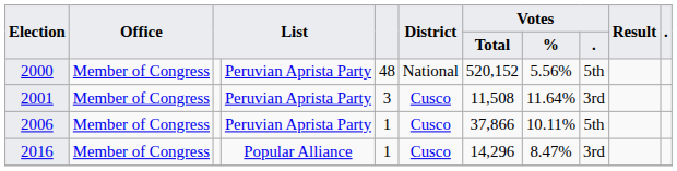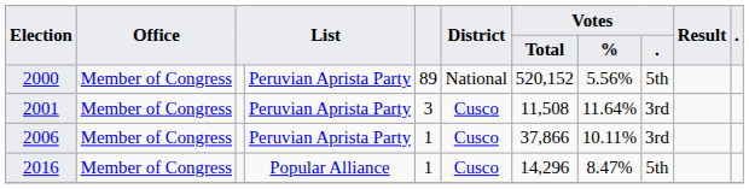 <table class="wikitable" style="font-size:90%; text-align:center;">
 <tr>
 <th style="background-color:#EAECF0;" rowspan=2>Election</th>
 <th style="background-color:#EAECF0;" rowspan=2>Office</th>
 <th style="background-color:#EAECF0;" colspan=2 rowspan=2>List</th>
 <th style="background-color:#EAECF0;" rowspan=2></th>
 <th style="background-color:#EAECF0;" rowspan=2>District</th>
 <th style="background-color:#EAECF0;" colspan=3>Votes</th>
 <th style="background-color:#EAECF0;" rowspan=2>Result</th>
 <th style="background-color:#EAECF0;" rowspan=2>.</th>
 </tr>
 <tr>
 <th style="background-color:#EAECF0;">Total</th>
 <th style="background-color:#EAECF0;">%</th>
 <th style="background-color:#EAECF0;">.</th>
 </tr>
 <tr>
 <td style="background-color:#EAECF0;"><a href='#'>2000</a></td>
 <td><a href='#'>Member of Congress</a></td>
 <td style="background-color:"></td>
 <td><a href='#'>Peruvian Aprista Party</a></td>
-<td>48</td>
+<td>89</td>
 <td>National</td>
 <td>520,152</td>
 <td>5.56%</td>
 <td>5th</td>
 <td></td>
 <td></td>
 </tr>
 <tr>
 <td style="background-color:#EAECF0;"><a href='#'>2001</a></td>
 <td><a href='#'>Member of Congress</a></td>
 <td style="background-color:"></td>
 <td><a href='#'>Peruvian Aprista Party</a></td>
 <td>3</td>
 <td><a href='#'>Cusco</a></td>
 <td>11,508</td>
 <td>11.64%</td>
 <td>3rd</td>
 <td></td>
 <td></td>
 </tr>
 <tr>
 <td style="background-color:#EAECF0;"><a href='#'>2006</a></td>
 <td><a href='#'>Member of Congress</a></td>
 <td style="background-color:"></td>
 <td><a href='#'>Peruvian Aprista Party</a></td>
 <td>1</td>
 <td><a href='#'>Cusco</a></td>
 <td>37,866</td>
 <td>10.11%</td>
-<td>5th</td>
+<td>3rd</td>
 <td></td>
 <td></td>
 </tr>
 <tr>
 <td style="background-color:#EAECF0;"><a href='#'>2016</a></td>
 <td><a href='#'>Member of Congress</a></td>
 <td style="background-color:"></td>
 <td><a href='#'>Popular Alliance</a></td>
 <td>1</td>
 <td><a href='#'>Cusco</a></td>
 <td>14,296</td>
 <td>8.47%</td>
-<td>3rd</td>
+<td>5th</td>
 <td></td>
 <td></td>
 </tr>
 <tr>
 </tr>
 </table>
